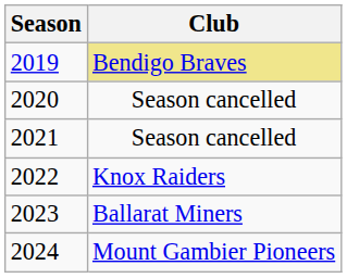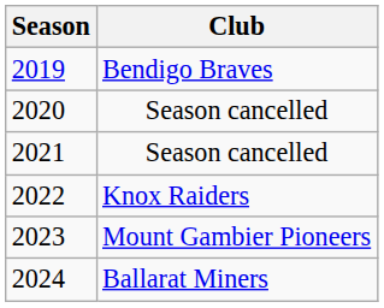 <table class="wikitable">
 <tr>
 <th>Season</th>
 <th>Club</th>
 </tr>
 <tr>
 <td><a href='#'>2019</a></td>
-<td style="background: khaki;"><a href='#'>Bendigo Braves</a></td>
+<td><a href='#'>Bendigo Braves</a></td>
 </tr>
 <tr>
 <td>2020</td>
 <td colspan="2" style="text-align:center;">Season cancelled</td>
 </tr>
 <tr>
 <td>2021</td>
 <td colspan="2" style="text-align:center;">Season cancelled</td>
 </tr>
 <tr>
 <td>2022</td>
 <td><a href='#'>Knox Raiders</a></td>
 </tr>
 <tr>
 <td>2023</td>
-<td><a href='#'>Ballarat Miners</a></td>
+<td><a href='#'>Mount Gambier Pioneers</a></td>
 </tr>
 <tr>
 <td>2024</td>
-<td><a href='#'>Mount Gambier Pioneers</a></td>
+<td><a href='#'>Ballarat Miners</a></td>
 </tr>
 </table>
